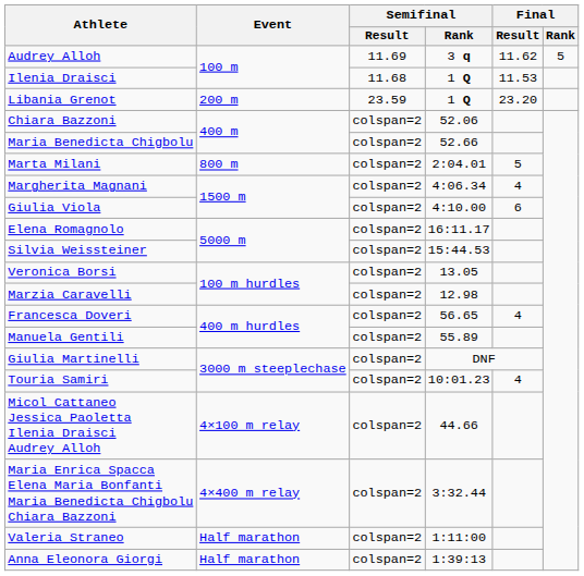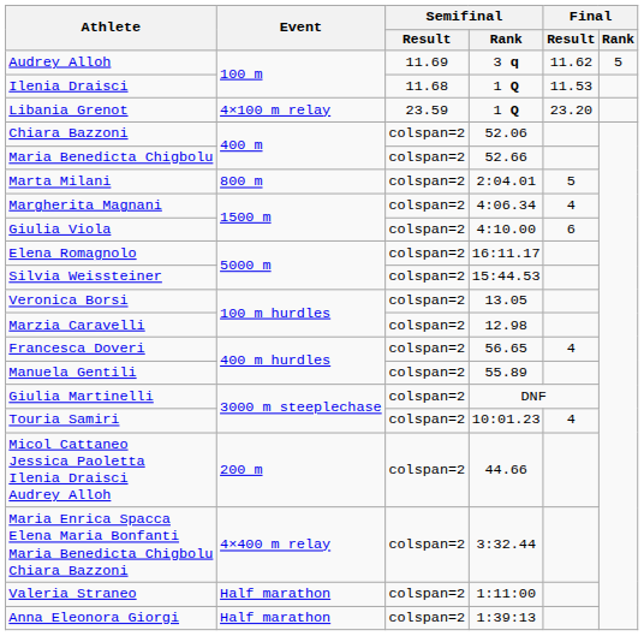 <table class="wikitable" style="font-size:90%">
 <tr>
 <th rowspan="2">Athlete</th>
 <th rowspan="2">Event</th>
 <th colspan="2">Semifinal</th>
 <th colspan="2">Final</th>
 </tr>
 <tr style="font-size:95%">
 <th>Result</th>
 <th>Rank</th>
 <th>Result</th>
 <th>Rank</th>
 </tr>
 <tr align=center>
 <td align=left><a href='#'>Audrey Alloh</a></td>
 <td align=left rowspan=2><a href='#'>100 m</a></td>
 <td>11.69</td>
 <td>3 <strong>q</strong></td>
 <td>11.62</td>
 <td>5</td>
 </tr>
 <tr align=center>
 <td align=left><a href='#'>Ilenia Draisci</a></td>
 <td>11.68</td>
 <td>1 <strong>Q</strong></td>
 <td>11.53</td>
 <td></td>
 </tr>
 <tr align=center>
 <td align=left><a href='#'>Libania Grenot</a></td>
-<td align=left><a href='#'>200 m</a></td>
+<td align=left><a href='#'>4×100 m relay</a></td>
 <td>23.59</td>
 <td>1 <strong>Q</strong></td>
 <td>23.20</td>
 <td></td>
 </tr>
 <tr align=center>
 <td align=left><a href='#'>Chiara Bazzoni</a></td>
 <td align=left rowspan=2><a href='#'>400 m</a></td>
 <td>colspan=2 </td>
 <td>52.06</td>
 <td></td>
 </tr>
 <tr align=center>
 <td align=left><a href='#'>Maria Benedicta Chigbolu</a></td>
 <td>colspan=2 </td>
 <td>52.66</td>
 <td></td>
 </tr>
 <tr align=center>
 <td align=left><a href='#'>Marta Milani</a></td>
 <td align=left><a href='#'>800 m</a></td>
 <td>colspan=2 </td>
 <td>2:04.01</td>
 <td>5</td>
 </tr>
 <tr align=center>
 <td align=left><a href='#'>Margherita Magnani</a></td>
 <td align=left rowspan=2><a href='#'>1500 m</a></td>
 <td>colspan=2 </td>
 <td>4:06.34</td>
 <td>4</td>
 </tr>
 <tr align=center>
 <td align=left><a href='#'>Giulia Viola</a></td>
 <td>colspan=2 </td>
 <td>4:10.00</td>
 <td>6</td>
 </tr>
 <tr align=center>
 <td align=left><a href='#'>Elena Romagnolo</a></td>
 <td align=left rowspan=2><a href='#'>5000 m</a></td>
 <td>colspan=2 </td>
 <td>16:11.17</td>
 <td></td>
 </tr>
 <tr align=center>
 <td align=left><a href='#'>Silvia Weissteiner</a></td>
 <td>colspan=2 </td>
 <td>15:44.53</td>
 <td></td>
 </tr>
 <tr align=center>
 <td align=left><a href='#'>Veronica Borsi</a></td>
 <td align=left rowspan=2><a href='#'>100 m hurdles</a></td>
 <td>colspan=2 </td>
 <td>13.05</td>
 <td></td>
 </tr>
 <tr align=center>
 <td align=left><a href='#'>Marzia Caravelli</a></td>
 <td>colspan=2 </td>
 <td>12.98</td>
 <td></td>
 </tr>
 <tr align=center>
 <td align=left><a href='#'>Francesca Doveri</a></td>
 <td align=left rowspan=2><a href='#'>400 m hurdles</a></td>
 <td>colspan=2 </td>
 <td>56.65</td>
 <td>4</td>
 </tr>
 <tr align=center>
 <td align=left><a href='#'>Manuela Gentili</a></td>
 <td>colspan=2 </td>
 <td>55.89</td>
 <td></td>
 </tr>
 <tr align=center>
 <td align=left><a href='#'>Giulia Martinelli</a></td>
 <td align=left rowspan=2><a href='#'>3000 m steeplechase</a></td>
 <td>colspan=2 </td>
 <td colspan=2>DNF</td>
 </tr>
 <tr align=center>
 <td align=left><a href='#'>Touria Samiri</a></td>
 <td>colspan=2 </td>
 <td>10:01.23</td>
 <td>4</td>
 </tr>
 <tr align=center>
 <td align=left><a href='#'>Micol Cattaneo</a><br><a href='#'>Jessica Paoletta</a><br><a href='#'>Ilenia Draisci</a><br><a href='#'>Audrey Alloh</a></td>
-<td align=left><a href='#'>4×100 m relay</a></td>
+<td align=left><a href='#'>200 m</a></td>
 <td>colspan=2 </td>
 <td>44.66</td>
 <td></td>
 </tr>
 <tr align=center>
 <td align=left><a href='#'>Maria Enrica Spacca</a><br><a href='#'>Elena Maria Bonfanti</a><br><a href='#'>Maria Benedicta Chigbolu</a><br><a href='#'>Chiara Bazzoni</a></td>
 <td align=left><a href='#'>4×400 m relay</a></td>
 <td>colspan=2 </td>
 <td>3:32.44</td>
 <td></td>
 </tr>
 <tr align=center>
 <td align=left><a href='#'>Valeria Straneo</a></td>
 <td align=left><a href='#'>Half marathon</a></td>
 <td>colspan=2 </td>
 <td>1:11:00</td>
 <td></td>
 </tr>
 <tr align=center>
 <td align=left><a href='#'>Anna Eleonora Giorgi</a></td>
 <td align=left><a href='#'>Half marathon</a></td>
 <td>colspan=2 </td>
 <td>1:39:13</td>
 <td></td>
 </tr>
 </table>
